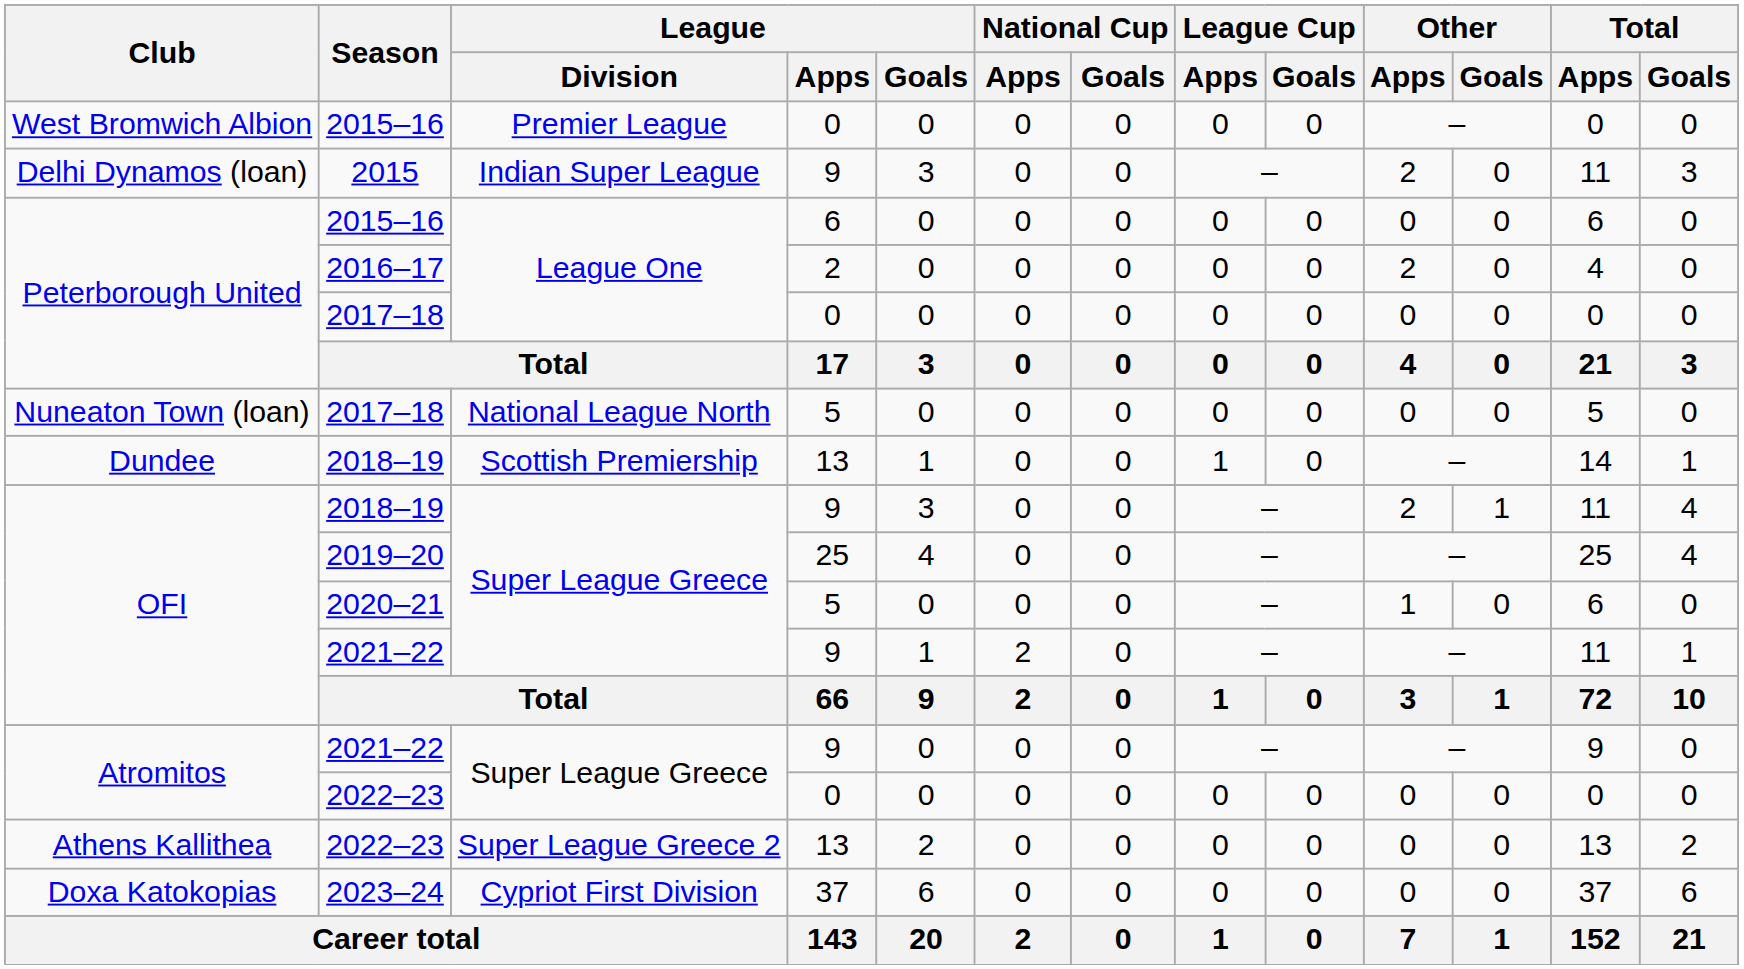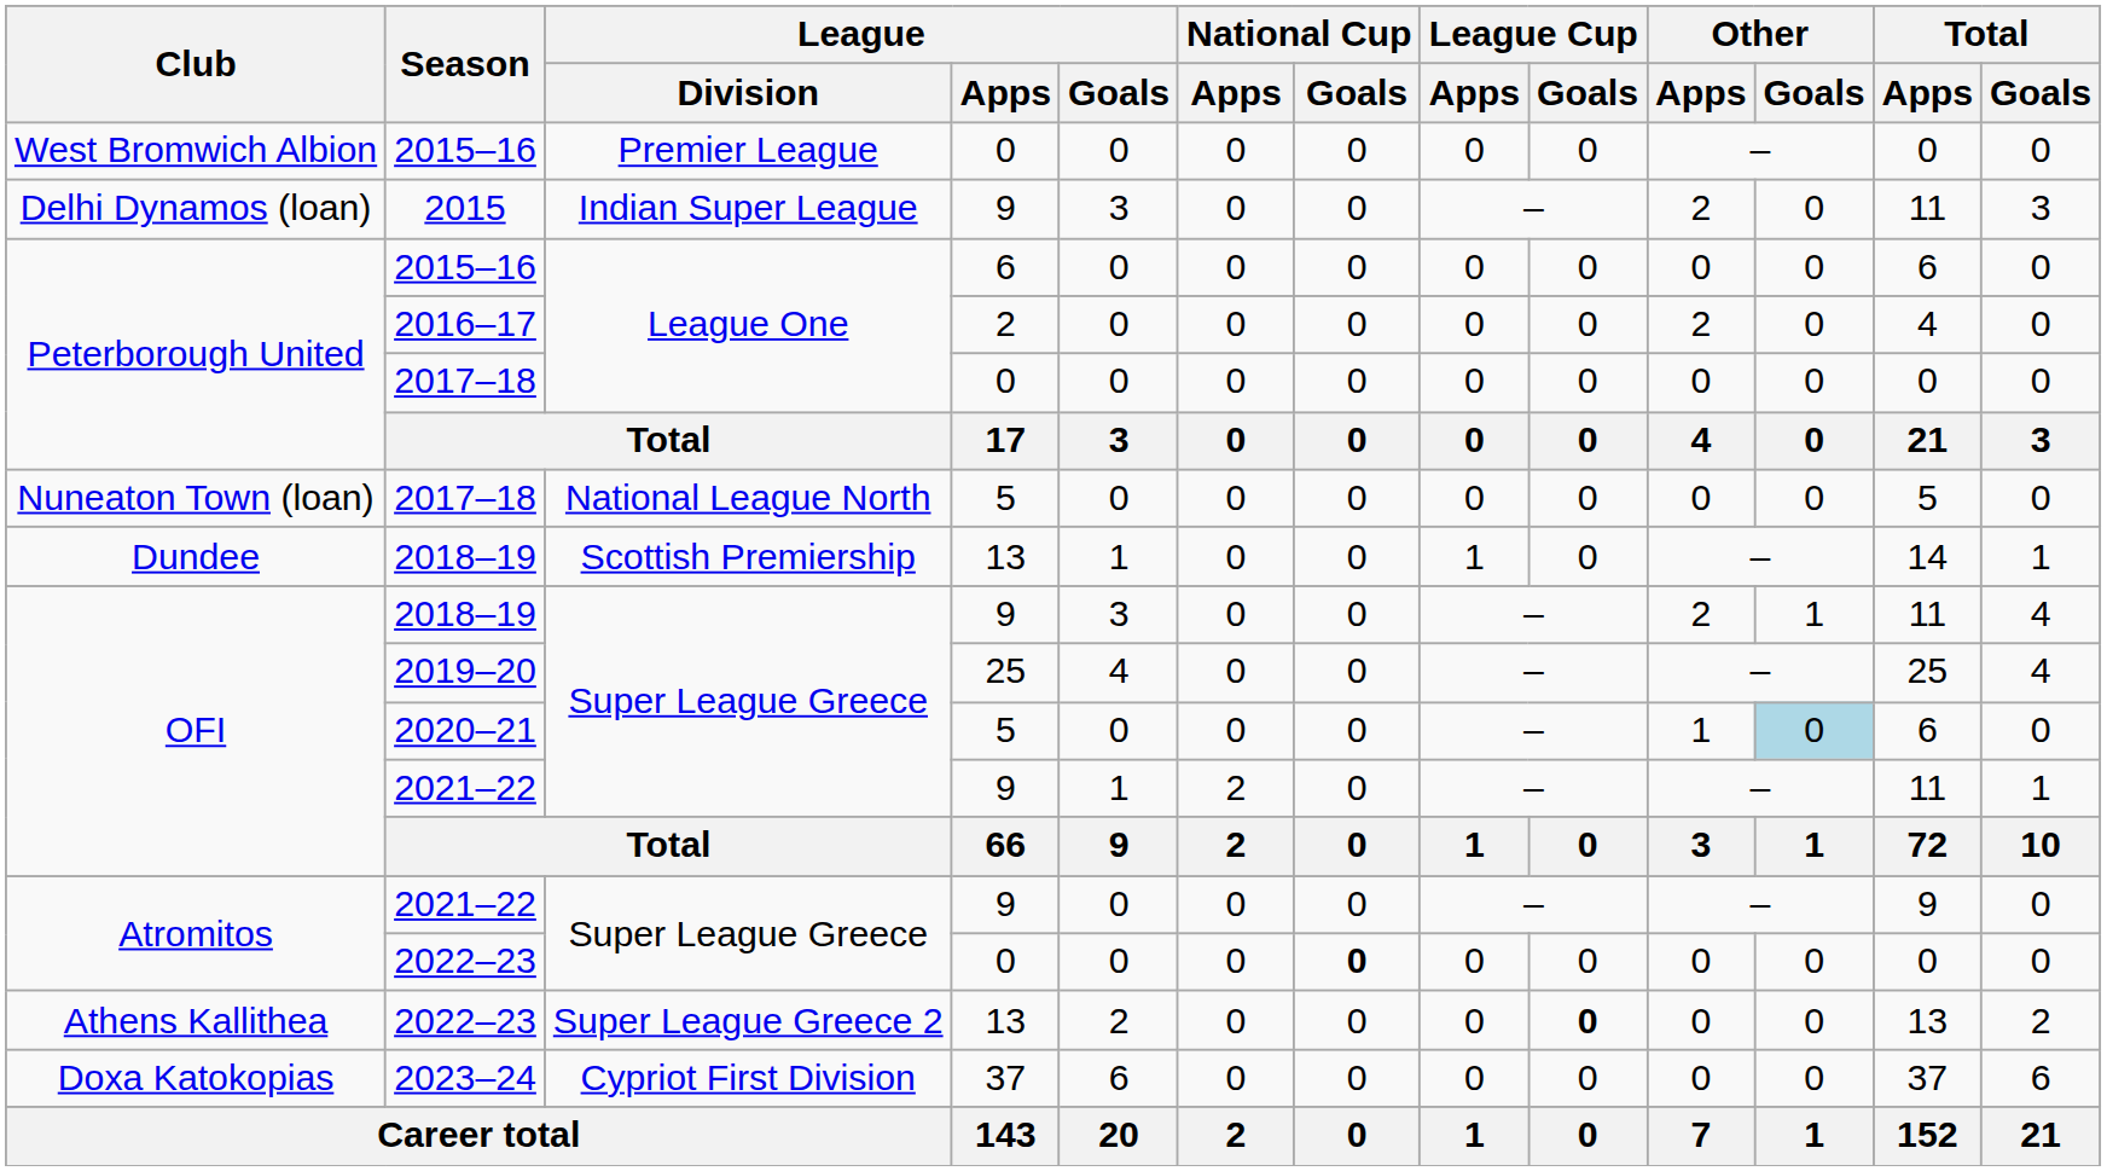 <table class="wikitable" style="text-align: center">
 <tr>
 <th rowspan="2">Club</th>
 <th rowspan="2">Season</th>
 <th colspan="3">League</th>
 <th colspan="2">National Cup</th>
 <th colspan="2">League Cup</th>
 <th colspan="2">Other</th>
 <th colspan="2">Total</th>
 </tr>
 <tr>
 <th>Division</th>
 <th>Apps</th>
 <th>Goals</th>
 <th>Apps</th>
 <th>Goals</th>
 <th>Apps</th>
 <th>Goals</th>
 <th>Apps</th>
 <th>Goals</th>
 <th>Apps</th>
 <th>Goals</th>
 </tr>
 <tr>
 <td><a href='#'>West Bromwich Albion</a></td>
 <td><a href='#'>2015–16</a></td>
 <td><a href='#'>Premier League</a></td>
 <td>0</td>
 <td>0</td>
 <td>0</td>
 <td>0</td>
 <td>0</td>
 <td>0</td>
 <td colspan="2">–</td>
 <td>0</td>
 <td>0</td>
 </tr>
 <tr>
 <td><a href='#'>Delhi Dynamos</a> (loan)</td>
 <td><a href='#'>2015</a></td>
 <td><a href='#'>Indian Super League</a></td>
 <td>9</td>
 <td>3</td>
 <td>0</td>
 <td>0</td>
 <td colspan="2">–</td>
 <td>2</td>
 <td>0</td>
 <td>11</td>
 <td>3</td>
 </tr>
 <tr>
 <td rowspan="4"><a href='#'>Peterborough United</a></td>
 <td><a href='#'>2015–16</a></td>
 <td rowspan="3"><a href='#'>League One</a></td>
 <td>6</td>
 <td>0</td>
 <td>0</td>
 <td>0</td>
 <td>0</td>
 <td>0</td>
 <td>0</td>
 <td>0</td>
 <td>6</td>
 <td>0</td>
 </tr>
 <tr>
 <td><a href='#'>2016–17</a></td>
 <td>2</td>
 <td>0</td>
 <td>0</td>
 <td>0</td>
 <td>0</td>
 <td>0</td>
 <td>2</td>
 <td>0</td>
 <td>4</td>
 <td>0</td>
 </tr>
 <tr>
 <td><a href='#'>2017–18</a></td>
 <td>0</td>
 <td>0</td>
 <td>0</td>
 <td>0</td>
 <td>0</td>
 <td>0</td>
 <td>0</td>
 <td>0</td>
 <td>0</td>
 <td>0</td>
 </tr>
 <tr>
 <th colspan="2">Total</th>
 <th>17</th>
 <th>3</th>
 <th>0</th>
 <th>0</th>
 <th>0</th>
 <th>0</th>
 <th>4</th>
 <th>0</th>
 <th>21</th>
 <th>3</th>
 </tr>
 <tr>
 <td><a href='#'>Nuneaton Town</a> (loan)</td>
 <td><a href='#'>2017–18</a></td>
 <td><a href='#'>National League North</a></td>
 <td>5</td>
 <td>0</td>
 <td>0</td>
 <td>0</td>
 <td>0</td>
 <td>0</td>
 <td>0</td>
 <td>0</td>
 <td>5</td>
 <td>0</td>
 </tr>
 <tr>
 <td><a href='#'>Dundee</a></td>
 <td><a href='#'>2018–19</a></td>
 <td><a href='#'>Scottish Premiership</a></td>
 <td>13</td>
 <td>1</td>
 <td>0</td>
 <td>0</td>
 <td>1</td>
 <td>0</td>
 <td colspan="2">–</td>
 <td>14</td>
 <td>1</td>
 </tr>
 <tr>
 <td rowspan="5"><a href='#'>OFI</a></td>
 <td><a href='#'>2018–19</a></td>
 <td rowspan="4"><a href='#'>Super League Greece</a></td>
 <td>9</td>
 <td>3</td>
 <td>0</td>
 <td>0</td>
 <td colspan="2">–</td>
 <td>2</td>
 <td>1</td>
 <td>11</td>
 <td>4</td>
 </tr>
 <tr>
 <td><a href='#'>2019–20</a></td>
 <td>25</td>
 <td>4</td>
 <td>0</td>
 <td>0</td>
 <td colspan="2">–</td>
 <td colspan="2">–</td>
 <td>25</td>
 <td>4</td>
 </tr>
 <tr>
 <td><a href='#'>2020–21</a></td>
 <td>5</td>
 <td>0</td>
 <td>0</td>
 <td>0</td>
 <td colspan="2">–</td>
 <td>1</td>
-<td>0</td>
+<td style="background: lightblue;">0</td>
 <td>6</td>
 <td>0</td>
 </tr>
 <tr>
 <td><a href='#'>2021–22</a></td>
 <td>9</td>
 <td>1</td>
 <td>2</td>
 <td>0</td>
 <td colspan="2">–</td>
 <td colspan="2">–</td>
 <td>11</td>
 <td>1</td>
 </tr>
 <tr>
 <th colspan="2">Total</th>
 <th>66</th>
 <th>9</th>
 <th>2</th>
 <th>0</th>
 <th>1</th>
 <th>0</th>
 <th>3</th>
 <th>1</th>
 <th>72</th>
 <th>10</th>
 </tr>
 <tr>
 <td rowspan="2"><a href='#'>Atromitos</a></td>
 <td><a href='#'>2021–22</a></td>
 <td rowspan="2">Super League Greece</td>
 <td>9</td>
 <td>0</td>
 <td>0</td>
 <td>0</td>
 <td colspan="2">–</td>
 <td colspan="2">–</td>
 <td>9</td>
 <td>0</td>
 </tr>
 <tr>
 <td><a href='#'>2022–23</a></td>
 <td>0</td>
 <td>0</td>
 <td>0</td>
-<td>0</td>
+<td><strong>0</strong></td>
 <td>0</td>
 <td>0</td>
 <td>0</td>
 <td>0</td>
 <td>0</td>
 <td>0</td>
 </tr>
 <tr>
 <td><a href='#'>Athens Kallithea</a></td>
 <td><a href='#'>2022–23</a></td>
 <td><a href='#'>Super League Greece 2</a></td>
 <td>13</td>
 <td>2</td>
 <td>0</td>
 <td>0</td>
 <td>0</td>
-<td>0</td>
+<td><strong>0</strong></td>
 <td>0</td>
 <td>0</td>
 <td>13</td>
 <td>2</td>
 </tr>
 <tr>
 <td><a href='#'>Doxa Katokopias</a></td>
 <td><a href='#'>2023–24</a></td>
 <td><a href='#'>Cypriot First Division</a></td>
 <td>37</td>
 <td>6</td>
 <td>0</td>
 <td>0</td>
 <td>0</td>
 <td>0</td>
 <td>0</td>
 <td>0</td>
 <td>37</td>
 <td>6</td>
 </tr>
 <tr>
 <th colspan="3">Career total</th>
 <th>143</th>
 <th>20</th>
 <th>2</th>
 <th>0</th>
 <th>1</th>
 <th>0</th>
 <th>7</th>
 <th>1</th>
 <th>152</th>
 <th>21</th>
 </tr>
 <tr>
 </tr>
 </table>
